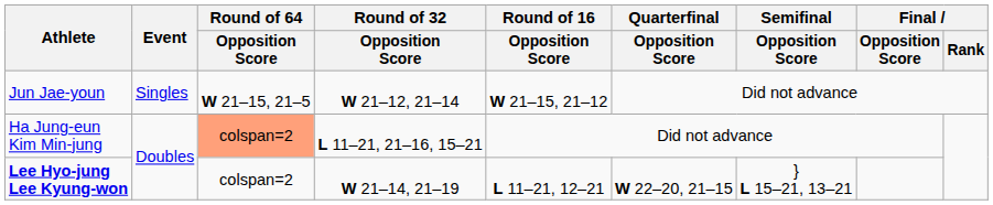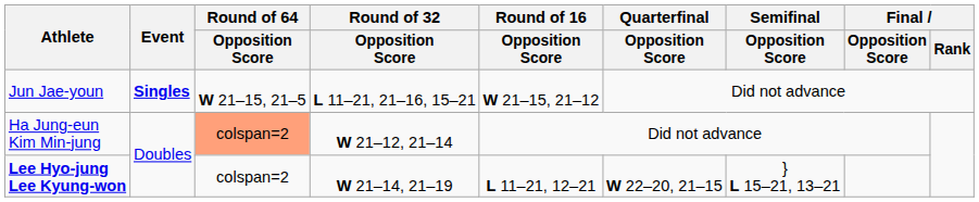 <table class=wikitable style="font-size:90%">
 <tr>
 <th rowspan="2">Athlete</th>
 <th rowspan="2">Event</th>
 <th>Round of 64</th>
 <th>Round of 32</th>
 <th>Round of 16</th>
 <th>Quarterfinal</th>
 <th>Semifinal</th>
 <th colspan=2>Final / </th>
 </tr>
 <tr style="font-size:95%">
 <th>Opposition<br>Score</th>
 <th>Opposition<br>Score</th>
 <th>Opposition<br>Score</th>
 <th>Opposition<br>Score</th>
 <th>Opposition<br>Score</th>
 <th>Opposition<br>Score</th>
 <th>Rank</th>
 </tr>
 <tr align=center>
 <td align=left><a href='#'>Jun Jae-youn</a></td>
-<td align=left><a href='#'>Singles</a></td>
+<td align=left><strong><a href='#'>Singles</a></strong></td>
 <td><br><strong>W</strong> 21–15, 21–5</td>
-<td><br><strong>W</strong> 21–12, 21–14</td>
+<td><br><strong>L</strong> 11–21, 21–16, 15–21</td>
 <td><br><strong>W</strong> 21–15, 21–12</td>
 <td colspan=4>Did not advance</td>
 </tr>
 <tr align=center>
 <td align=left><a href='#'>Ha Jung-eun</a><br><a href='#'>Kim Min-jung</a></td>
 <td align=left rowspan=2><a href='#'>Doubles</a></td>
 <td style="background: lightsalmon;">colspan=2 </td>
-<td><br><strong>L</strong> 11–21, 21–16, 15–21</td>
+<td><br><strong>W</strong> 21–12, 21–14</td>
 <td colspan=4>Did not advance</td>
 </tr>
 <tr align=center>
 <td align=left><strong><a href='#'>Lee Hyo-jung</a><br><a href='#'>Lee Kyung-won</a></strong></td>
 <td>colspan=2 </td>
 <td><br><strong>W</strong> 21–14, 21–19</td>
 <td><br><strong>L</strong> 11–21, 12–21</td>
 <td><br><strong>W</strong> 22–20, 21–15</td>
 <td>}<br><strong>L</strong> 15–21, 13–21</td>
 <td></td>
 </tr>
 </table>
